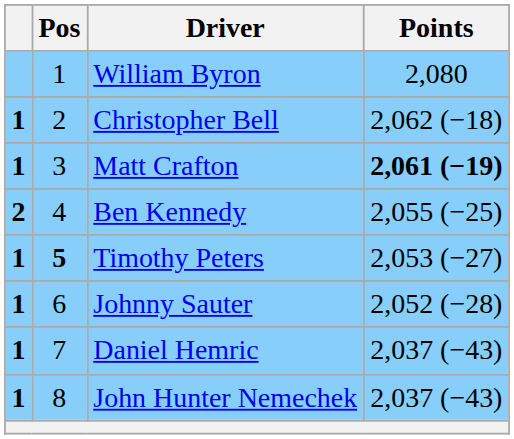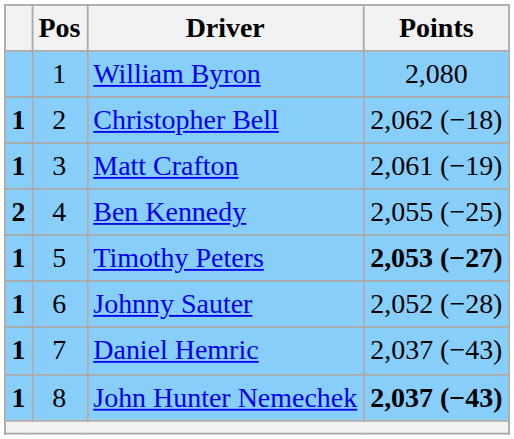 <table class="wikitable" style="font-size: 95%;">
 <tr>
 <th></th>
 <th>Pos</th>
 <th>Driver</th>
 <th>Points</th>
 </tr>
 <tr style="background:#87CEFA;">
 <td align="left"></td>
 <td style="text-align:center;">1</td>
 <td><a href='#'>William Byron</a></td>
 <td style="text-align:center;">2,080</td>
 </tr>
 <tr style="background:#87CEFA;">
 <td align="left"> <strong>1</strong></td>
 <td style="text-align:center;">2</td>
 <td><a href='#'>Christopher Bell</a></td>
 <td style="text-align:center;">2,062 (−18)</td>
 </tr>
 <tr style="background:#87CEFA;">
 <td align="left"> <strong>1</strong></td>
 <td style="text-align:center;">3</td>
 <td><a href='#'>Matt Crafton</a></td>
-<td style="text-align:center;"><strong>2,061 (−19)</strong></td>
+<td style="text-align:center;">2,061 (−19)</td>
 </tr>
 <tr style="background:#87CEFA;">
 <td align="left"> <strong>2</strong></td>
 <td style="text-align:center;">4</td>
 <td><a href='#'>Ben Kennedy</a></td>
 <td style="text-align:center;">2,055 (−25)</td>
 </tr>
 <tr style="background:#87CEFA;">
 <td align="left"> <strong>1</strong></td>
-<td style="text-align:center;"><strong>5</strong></td>
+<td style="text-align:center;">5</td>
 <td><a href='#'>Timothy Peters</a></td>
-<td style="text-align:center;">2,053 (−27)</td>
+<td style="text-align:center;"><strong>2,053 (−27)</strong></td>
 </tr>
 <tr style="background:#87CEFA;">
 <td align="left"> <strong>1</strong></td>
 <td style="text-align:center;">6</td>
 <td><a href='#'>Johnny Sauter</a></td>
 <td style="text-align:center;">2,052 (−28)</td>
 </tr>
 <tr style="background:#87CEFA;">
 <td align="left"> <strong>1</strong></td>
 <td style="text-align:center;">7</td>
 <td><a href='#'>Daniel Hemric</a></td>
 <td style="text-align:center;">2,037 (−43)</td>
 </tr>
 <tr style="background:#87CEFA;">
 <td align="left"> <strong>1</strong></td>
 <td style="text-align:center;">8</td>
 <td><a href='#'>John Hunter Nemechek</a></td>
-<td style="text-align:center;">2,037 (−43)</td>
+<td style="text-align:center;"><strong>2,037 (−43)</strong></td>
 </tr>
 <tr class="sortbottom">
 <th colspan="9"></th>
 </tr>
 </table>
